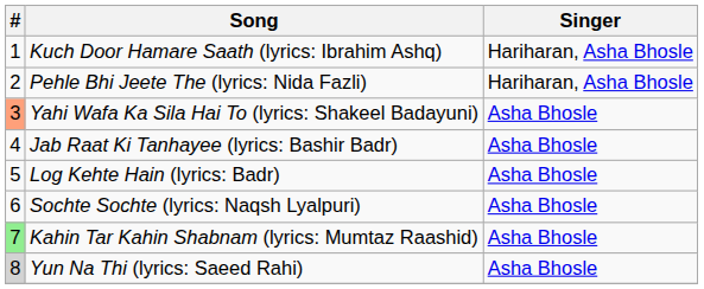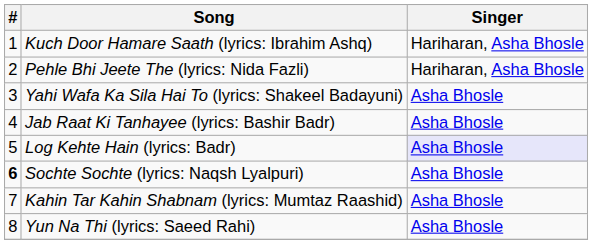 <table class="wikitable">
 <tr>
 <th>#</th>
 <th>Song</th>
 <th>Singer</th>
 </tr>
 <tr>
 <td>1</td>
 <td><em>Kuch Door Hamare Saath</em> (lyrics: Ibrahim Ashq)</td>
 <td>Hariharan, <a href='#'>Asha Bhosle</a></td>
 </tr>
 <tr>
 <td>2</td>
 <td><em>Pehle Bhi Jeete The</em> (lyrics: Nida Fazli)</td>
 <td>Hariharan, <a href='#'>Asha Bhosle</a></td>
 </tr>
 <tr>
-<td style="background: lightsalmon;">3</td>
+<td>3</td>
 <td><em>Yahi Wafa Ka Sila Hai To</em> (lyrics: Shakeel Badayuni)</td>
 <td><a href='#'>Asha Bhosle</a></td>
 </tr>
 <tr>
 <td>4</td>
 <td><em>Jab Raat Ki Tanhayee</em> (lyrics: Bashir Badr)</td>
 <td><a href='#'>Asha Bhosle</a></td>
 </tr>
 <tr>
 <td>5</td>
 <td><em>Log Kehte Hain</em> (lyrics: Badr)</td>
-<td><a href='#'>Asha Bhosle</a></td>
+<td style="background: lavender;"><a href='#'>Asha Bhosle</a></td>
 </tr>
 <tr>
-<td>6</td>
+<td><strong>6</strong></td>
 <td><em>Sochte Sochte</em> (lyrics: Naqsh Lyalpuri)</td>
 <td><a href='#'>Asha Bhosle</a></td>
 </tr>
 <tr>
-<td style="background: lightgreen;">7</td>
+<td>7</td>
 <td><em>Kahin Tar Kahin Shabnam</em> (lyrics: Mumtaz Raashid)</td>
 <td><a href='#'>Asha Bhosle</a></td>
 </tr>
 <tr>
-<td style="background: lightgrey;">8</td>
+<td>8</td>
 <td><em>Yun Na Thi</em> (lyrics: Saeed Rahi)</td>
 <td><a href='#'>Asha Bhosle</a></td>
 </tr>
 <tr>
 </tr>
 </table>
